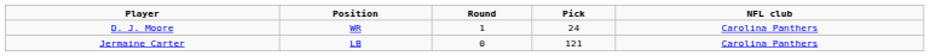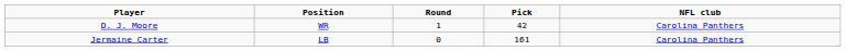 <table class="wikitable" width="80%">
 <tr align="center">
 <td><strong>Player</strong></td>
 <td><strong>Position</strong></td>
 <td><strong>Round</strong></td>
 <td><strong>Pick</strong></td>
 <td><strong>NFL club</strong></td>
 </tr>
 <tr align="center" bgcolor="">
 <td><a href='#'>D. J. Moore</a></td>
 <td><a href='#'>WR</a></td>
 <td>1</td>
-<td>24</td>
+<td>42</td>
 <td><a href='#'>Carolina Panthers</a></td>
 </tr>
 <tr align="center" bgcolor="">
 <td><a href='#'>Jermaine Carter</a></td>
 <td><a href='#'>LB</a></td>
 <td>0</td>
-<td>121</td>
+<td>161</td>
 <td><a href='#'>Carolina Panthers</a></td>
 </tr>
 </table>
